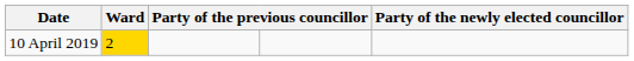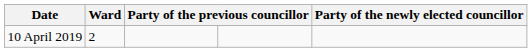 <table class="wikitable">
 <tr>
 <th>Date</th>
 <th>Ward</th>
 <th colspan=2>Party of the previous councillor</th>
 <th colspan=2>Party of the newly elected councillor</th>
 </tr>
 <tr>
 <td>10 April 2019</td>
-<td style="background: gold;">2</td>
+<td>2</td>
 <td></td>
 <td></td>
 </tr>
 </table>
